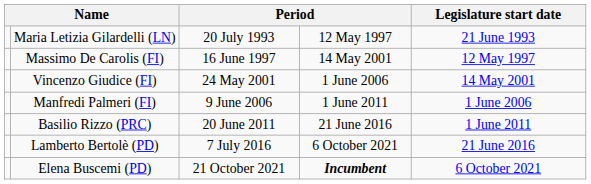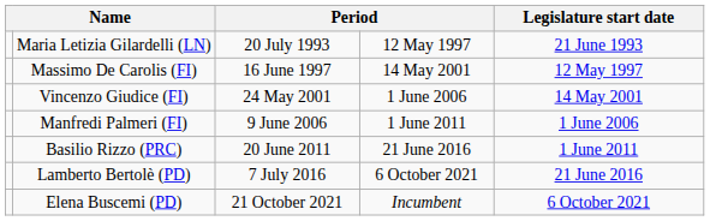 <table class="wikitable">
 <tr>
 <th width="30%" colspan=2>Name</th>
 <th width="40%" colspan=2>Period</th>
 <th width="30%">Legislature start date</th>
 </tr>
 <tr align=center>
 <td style="background:"></td>
 <td>Maria Letizia Gilardelli (<a href='#'>LN</a>)</td>
 <td>20 July 1993</td>
 <td>12 May 1997</td>
 <td><a href='#'>21 June 1993</a></td>
 </tr>
 <tr align=center>
 <td style="background:"></td>
 <td>Massimo De Carolis (<a href='#'>FI</a>)</td>
 <td>16 June 1997</td>
 <td>14 May 2001</td>
 <td><a href='#'>12 May 1997</a></td>
 </tr>
 <tr align=center>
 <td style="background:"></td>
 <td>Vincenzo Giudice (<a href='#'>FI</a>)</td>
 <td>24 May 2001</td>
 <td>1 June 2006</td>
 <td><a href='#'>14 May 2001</a></td>
 </tr>
 <tr align=center>
 <td style="background:"></td>
 <td>Manfredi Palmeri (<a href='#'>FI</a>)</td>
 <td>9 June 2006</td>
 <td>1 June 2011</td>
 <td><a href='#'>1 June 2006</a></td>
 </tr>
 <tr align=center>
 <td style="background:"></td>
 <td>Basilio Rizzo (<a href='#'>PRC</a>)</td>
 <td>20 June 2011</td>
 <td>21 June 2016</td>
 <td><a href='#'>1 June 2011</a></td>
 </tr>
 <tr align=center>
 <td style="background:"></td>
 <td>Lamberto Bertolè (<a href='#'>PD</a>)</td>
 <td>7 July 2016</td>
 <td>6 October 2021</td>
 <td><a href='#'>21 June 2016</a></td>
 </tr>
 <tr align=center>
 <td style="background:"></td>
 <td>Elena Buscemi (<a href='#'>PD</a>)</td>
 <td>21 October 2021</td>
-<td><strong><em>Incumbent</em></strong></td>
+<td><em>Incumbent</em></td>
 <td><a href='#'>6 October 2021</a></td>
 </tr>
 </table>
